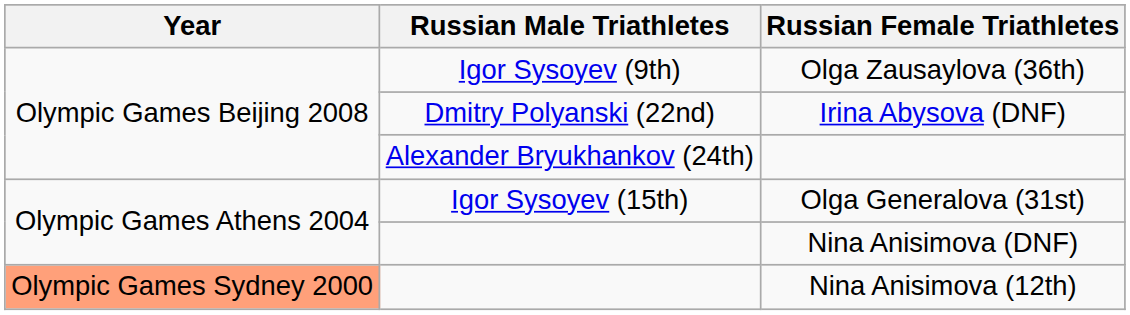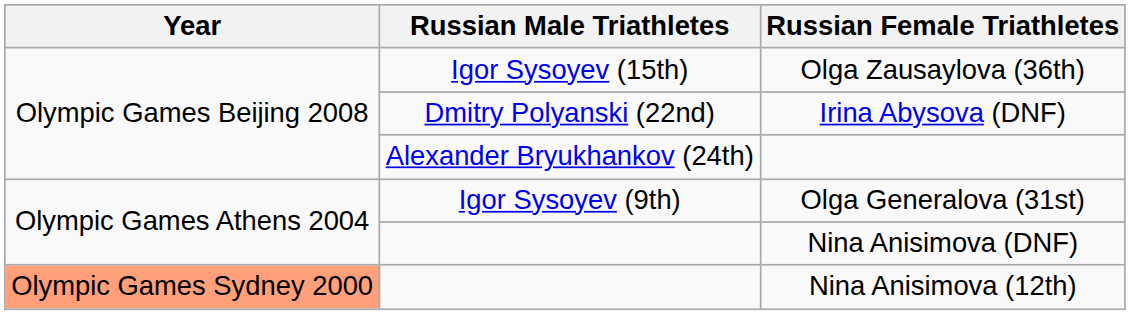 <table class="wikitable" style="text-align: center;">
 <tr>
 <th>Year</th>
 <th>Russian Male Triathletes</th>
 <th>Russian Female Triathletes</th>
 </tr>
 <tr>
 <td rowspan="3">Olympic Games Beijing 2008</td>
-<td><a href='#'>Igor Sysoyev</a> (9th)</td>
+<td><a href='#'>Igor Sysoyev</a> (15th)</td>
 <td>Olga Zausaylova (36th)</td>
 </tr>
 <tr>
 <td><a href='#'>Dmitry Polyanski</a> (22nd)</td>
 <td><a href='#'>Irina Abysova</a> (DNF)</td>
 </tr>
 <tr>
 <td><a href='#'>Alexander Bryukhankov</a> (24th)</td>
 <td></td>
 </tr>
 <tr>
 <td rowspan="2">Olympic Games Athens 2004</td>
-<td><a href='#'>Igor Sysoyev</a> (15th)</td>
+<td><a href='#'>Igor Sysoyev</a> (9th)</td>
 <td>Olga Generalova (31st)</td>
 </tr>
 <tr>
 <td></td>
 <td>Nina Anisimova (DNF)</td>
 </tr>
 <tr>
 <td style="background: lightsalmon;">Olympic Games Sydney 2000</td>
 <td></td>
 <td>Nina Anisimova (12th)</td>
 </tr>
 </table>
